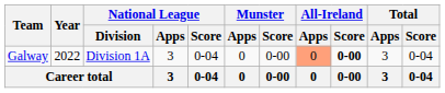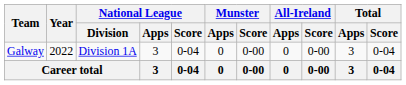 <table class="wikitable" style="text-align:center">
 <tr>
 <th rowspan="2">Team</th>
 <th rowspan="2">Year</th>
 <th colspan="3"><a href='#'>National League</a></th>
 <th colspan="2"><a href='#'>Munster</a></th>
 <th colspan="2"><a href='#'>All-Ireland</a></th>
 <th colspan="2">Total</th>
 </tr>
 <tr>
 <th>Division</th>
 <th>Apps</th>
 <th>Score</th>
 <th>Apps</th>
 <th>Score</th>
 <th>Apps</th>
 <th>Score</th>
 <th>Apps</th>
 <th>Score</th>
 </tr>
 <tr>
 <td rowspan="1"><a href='#'>Galway</a></td>
 <td>2022</td>
 <td rowspan="1"><a href='#'>Division 1A</a></td>
 <td>3</td>
 <td>0-04</td>
 <td>0</td>
 <td>0-00</td>
-<td style="background: lightsalmon;">0</td>
-<td><strong>0-00</strong></td>
+<td>0</td>
+<td>0-00</td>
 <td>3</td>
 <td>0-04</td>
 </tr>
 <tr>
 <th colspan="3">Career total</th>
 <th>3</th>
 <th>0-04</th>
 <th>0</th>
 <th>0-00</th>
 <th>0</th>
 <th>0-00</th>
 <th>3</th>
 <th>0-04</th>
 </tr>
 </table>
